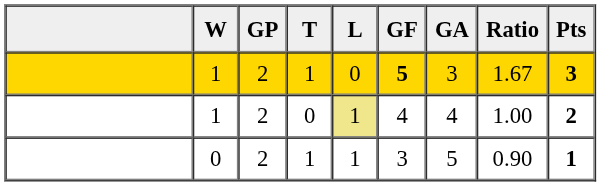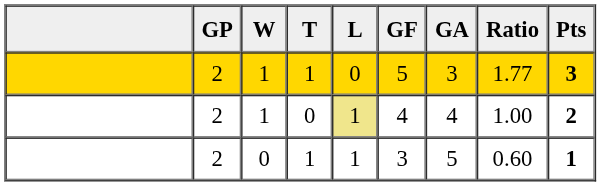 <table border=1 cellpadding=5 cellspacing=0>
 <tr>
 <th bgcolor="#efefef" width="120">　</th>
+<th bgcolor="#efefef" width="20">GP</th>
 <th bgcolor="#efefef" width="20">W</th>
-<th bgcolor="#efefef" width="20">GP</th>
 <th bgcolor="#efefef" width="20">T</th>
 <th bgcolor="#efefef" width="20">L</th>
 <th bgcolor="#efefef" width="20">GF</th>
 <th bgcolor="#efefef" width="20">GA</th>
 <th bgcolor="#efefef" width="20">Ratio</th>
 <th bgcolor="#efefef" width="20">Pts</th>
 </tr>
 <tr align=center bgcolor= gold>
 <td align=left><strong></strong></td>
-<td>1</td>
 <td>2</td>
 <td>1</td>
+<td>1</td>
 <td>0</td>
-<td><strong>5</strong></td>
+<td>5</td>
 <td>3</td>
-<td>1.67</td>
+<td>1.77</td>
 <td><strong>3</strong></td>
 </tr>
 <tr align=center>
 <td align=left></td>
+<td>2</td>
 <td>1</td>
-<td>2</td>
 <td>0</td>
 <td style="background: khaki;">1</td>
 <td>4</td>
 <td>4</td>
 <td>1.00</td>
 <td><strong>2</strong></td>
 </tr>
 <tr align=center>
 <td align=left></td>
+<td>2</td>
 <td>0</td>
-<td>2</td>
 <td>1</td>
 <td>1</td>
 <td>3</td>
 <td>5</td>
-<td>0.90</td>
+<td>0.60</td>
 <td><strong>1</strong></td>
 </tr>
 </table>
